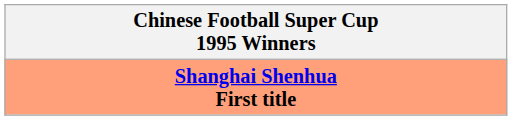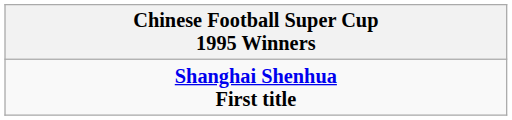 <table class="wikitable" style="text-align: center; margin: 0 auto; width: 20%">
 <tr>
 <th>Chinese Football Super Cup <br>1995 Winners</th>
 </tr>
 <tr>
-<td style="background: lightsalmon;"><strong><a href='#'>Shanghai Shenhua</a></strong><br><strong>First title</strong></td>
+<td><strong><a href='#'>Shanghai Shenhua</a></strong><br><strong>First title</strong></td>
 </tr>
 </table>
